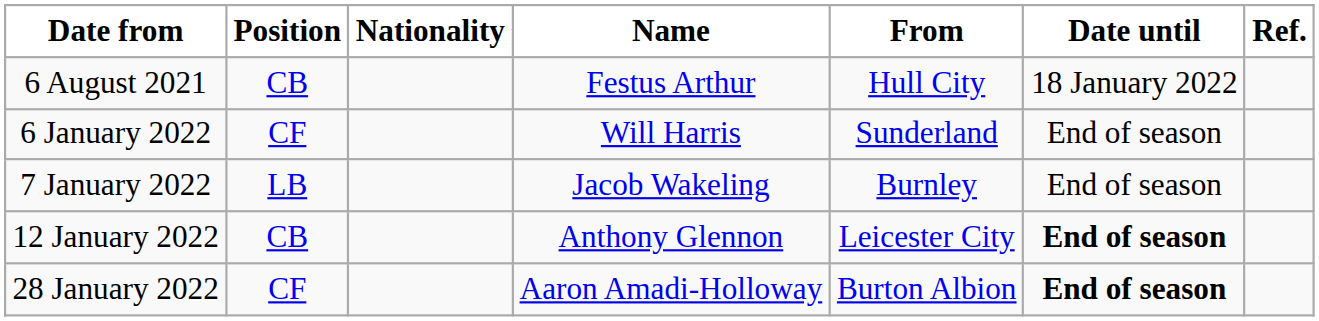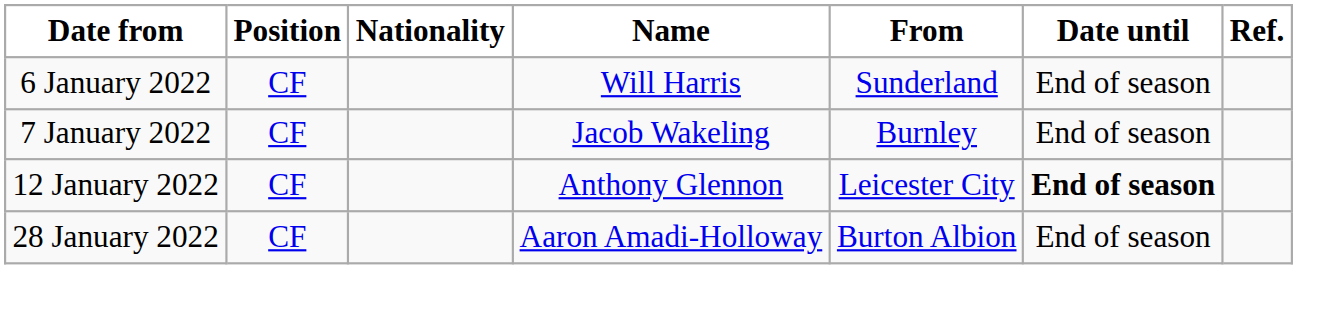 <table class="wikitable"  style="text-align:center; font-size:90%; ">
 <tr>
 <th style="background:white;">Date from</th>
 <th style="background:white;">Position</th>
 <th style="background:white;">Nationality</th>
 <th style="background:white;">Name</th>
 <th style="background:white;">From</th>
 <th style="background:white;">Date until</th>
 <th style="background:white;">Ref.</th>
-</tr>
-<tr>
-<td>6 August 2021</td>
-<td><a href='#'>CB</a></td>
-<td></td>
-<td><a href='#'>Festus Arthur</a></td>
-<td> <a href='#'>Hull City</a></td>
-<td>18 January 2022</td>
-<td></td>
 </tr>
 <tr>
 <td>6 January 2022</td>
 <td><a href='#'>CF</a></td>
 <td></td>
 <td><a href='#'>Will Harris</a></td>
 <td> <a href='#'>Sunderland</a></td>
 <td>End of season</td>
 <td></td>
 </tr>
 <tr>
 <td>7 January 2022</td>
-<td><a href='#'>LB</a></td>
+<td><a href='#'>CF</a></td>
 <td></td>
 <td><a href='#'>Jacob Wakeling</a></td>
 <td> <a href='#'>Burnley</a></td>
 <td>End of season</td>
 <td></td>
 </tr>
 <tr>
 <td>12 January 2022</td>
-<td><a href='#'>CB</a></td>
+<td><a href='#'>CF</a></td>
 <td></td>
 <td><a href='#'>Anthony Glennon</a></td>
 <td> <a href='#'>Leicester City</a></td>
 <td><strong>End of season</strong></td>
 <td></td>
 </tr>
 <tr>
 <td>28 January 2022</td>
 <td><a href='#'>CF</a></td>
 <td></td>
 <td><a href='#'>Aaron Amadi-Holloway</a></td>
 <td> <a href='#'>Burton Albion</a></td>
-<td><strong>End of season</strong></td>
+<td>End of season</td>
 <td></td>
 </tr>
 </table>
